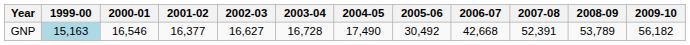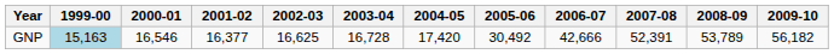 <table class="wikitable" style="text-align:center; align: center; width: 60em; font-size: 100%; border: 2">
 <tr>
 <th>Year</th>
 <th>1999-00</th>
 <th>2000-01</th>
 <th>2001-02</th>
 <th>2002-03</th>
 <th>2003-04</th>
 <th>2004-05</th>
 <th>2005-06</th>
 <th>2006-07</th>
 <th>2007-08</th>
 <th>2008-09</th>
 <th>2009-10</th>
 </tr>
 <tr>
 <td>GNP</td>
 <td style="background: lightblue;">15,163</td>
 <td>16,546</td>
 <td>16,377</td>
-<td>16,627</td>
+<td>16,625</td>
 <td>16,728</td>
-<td>17,490</td>
+<td>17,420</td>
 <td>30,492</td>
-<td>42,668</td>
+<td>42,666</td>
 <td>52,391</td>
 <td>53,789</td>
 <td>56,182</td>
 </tr>
 </table>
